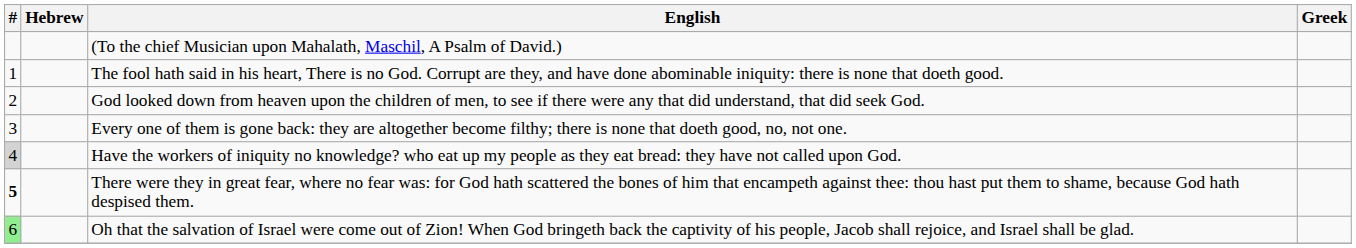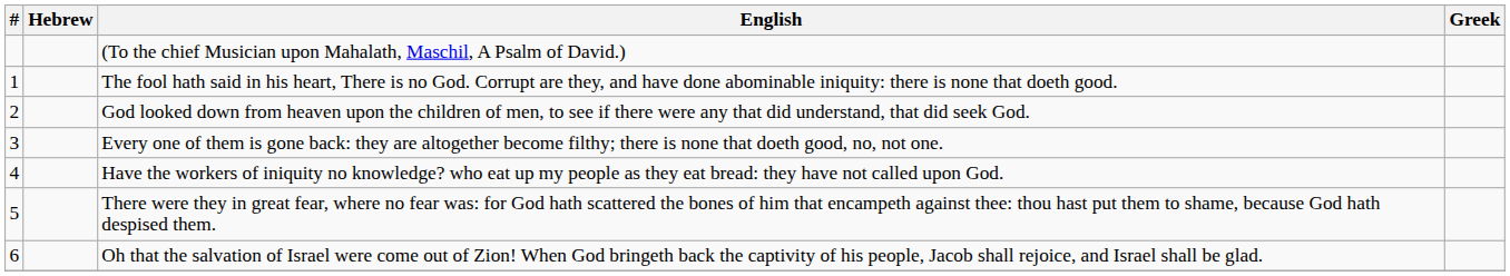 <table class=wikitable>
 <tr>
 <th>#</th>
 <th>Hebrew</th>
 <th>English</th>
 <th>Greek</th>
 </tr>
 <tr>
 <td style="text-align:right"></td>
 <td style="text-align:right"></td>
 <td>(To the chief Musician upon Mahalath, <a href='#'>Maschil</a>, A Psalm of David.)</td>
 <td></td>
 </tr>
 <tr>
 <td style="text-align:right">1</td>
 <td style="text-align:right"></td>
 <td>The fool hath said in his heart, There is no God. Corrupt are they, and have done abominable iniquity: there is none that doeth good.</td>
 <td></td>
 </tr>
 <tr>
 <td style="text-align:right">2</td>
 <td style="text-align:right"></td>
 <td>God looked down from heaven upon the children of men, to see if there were any that did understand, that did seek God.</td>
 <td></td>
 </tr>
 <tr>
 <td style="text-align:right">3</td>
 <td style="text-align:right"></td>
 <td>Every one of them is gone back: they are altogether become filthy; there is none that doeth good, no, not one.</td>
 <td></td>
 </tr>
 <tr>
-<td style="background: lightgrey; text-align:right">4</td>
+<td style="text-align:right">4</td>
 <td style="text-align:right"></td>
 <td>Have the workers of iniquity no knowledge? who eat up my people as they eat bread: they have not called upon God.</td>
 <td></td>
 </tr>
 <tr>
-<td style="text-align:right"><strong>5</strong></td>
+<td style="text-align:right">5</td>
 <td style="text-align:right"></td>
 <td>There were they in great fear, where no fear was: for God hath scattered the bones of him that encampeth against thee: thou hast put them to shame, because God hath despised them.</td>
 <td></td>
 </tr>
 <tr>
-<td style="background: lightgreen; text-align:right">6</td>
+<td style="text-align:right">6</td>
 <td style="text-align:right"></td>
 <td>Oh that the salvation of Israel were come out of Zion! When God bringeth back the captivity of his people, Jacob shall rejoice, and Israel shall be glad.</td>
 <td></td>
 </tr>
 <tr>
 </tr>
 </table>
